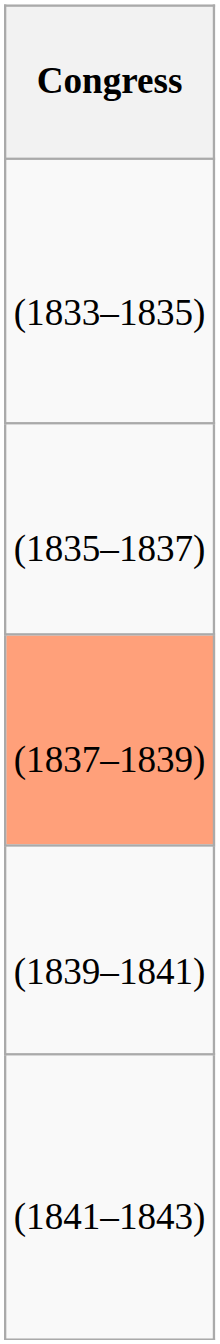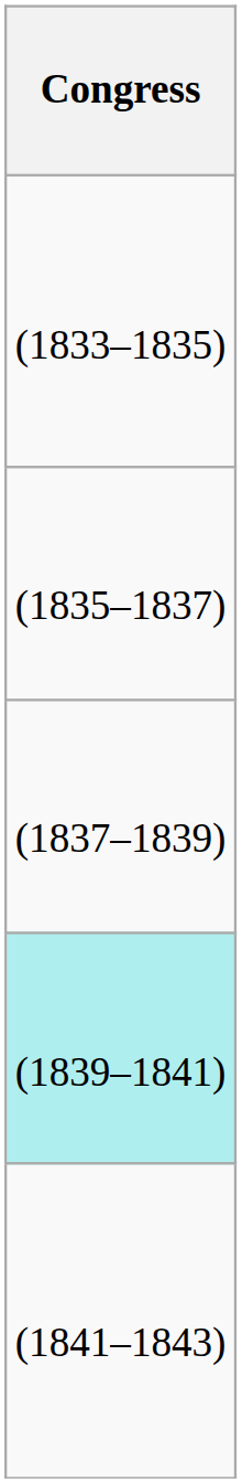 <table class="wikitable" style="float:left; margin:0; margin-right:-0.5px; margin-top:14px; text-align:center;">
 <tr style="white-space:nowrap; height:4.1em;">
 <th>Congress</th>
 </tr>
 <tr style="white-space:nowrap; height:7.18em;">
 <td><strong></strong><br>(1833–1835)</td>
 </tr>
 <tr style="white-space:nowrap; height:5.68em">
 <td><strong></strong><br>(1835–1837)</td>
 </tr>
 <tr style="white-space:nowrap; height:5.66em">
-<td style="background: lightsalmon;"><strong></strong><br>(1837–1839)</td>
+<td><strong></strong><br>(1837–1839)</td>
 </tr>
 <tr style="white-space:nowrap; height:5.66em">
-<td><strong></strong><br>(1839–1841)</td>
+<td style="background: paleturquoise;"><strong></strong><br>(1839–1841)</td>
 </tr>
 <tr style="white-space:nowrap; height:7.64em">
 <td><strong></strong><br>(1841–1843)</td>
 </tr>
 </table>
